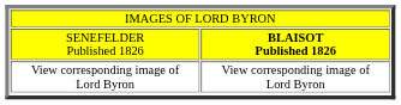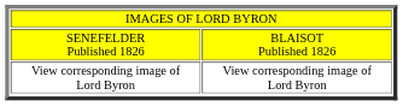 <table border="5" width="500" style="margin:1em auto; text-align:center;">
 <tr>
 <td colspan="3" style="background-color:yellow; color:black;">IMAGES OF LORD BYRON</td>
 </tr>
 <tr style="background-color:yellow; color:black;">
 <td width="250">SENEFELDER<br>Published 1826</td>
-<td width="250"><strong>BLAISOT<br>Published 1826</strong></td>
+<td width="250">BLAISOT<br>Published 1826</td>
 </tr>
 <tr>
 <td>View corresponding image of <br>Lord Byron</td>
 <td>View corresponding image of <br>Lord Byron</td>
 </tr>
 <tr>
 </tr>
 </table>
